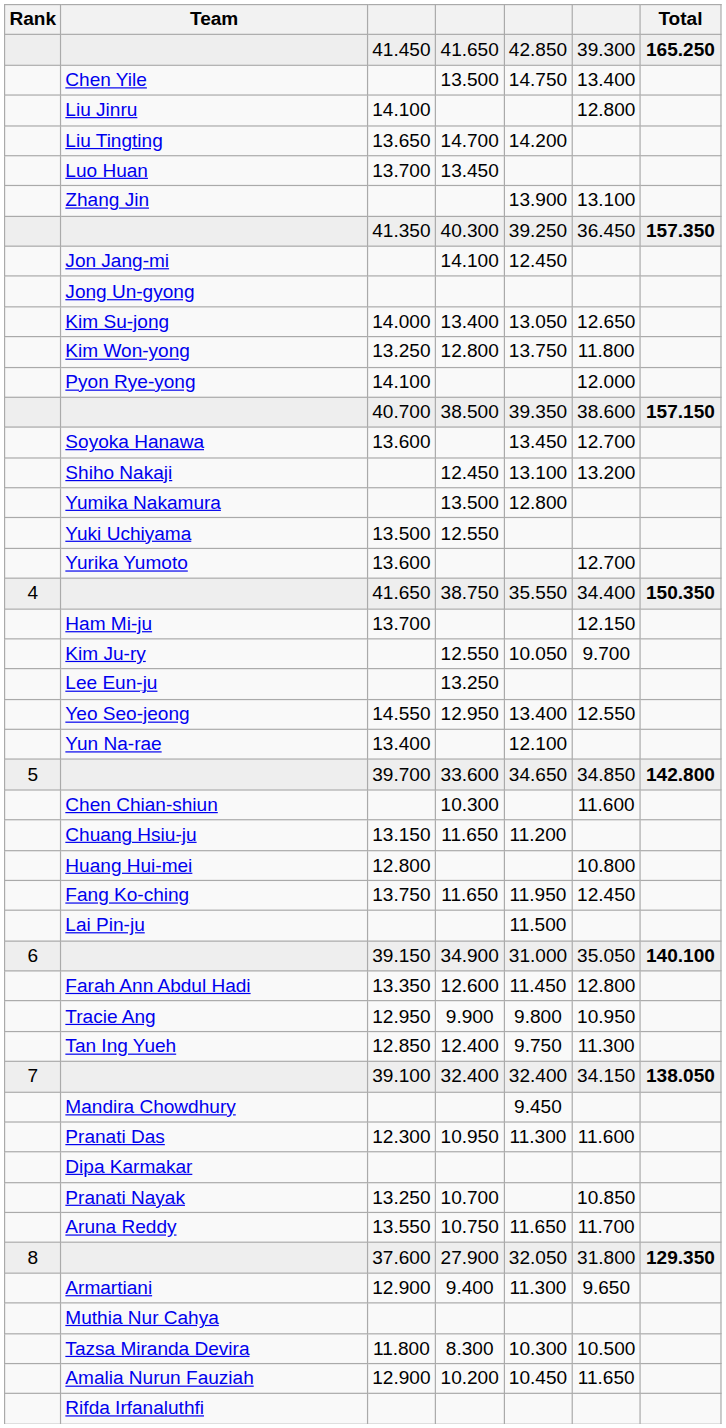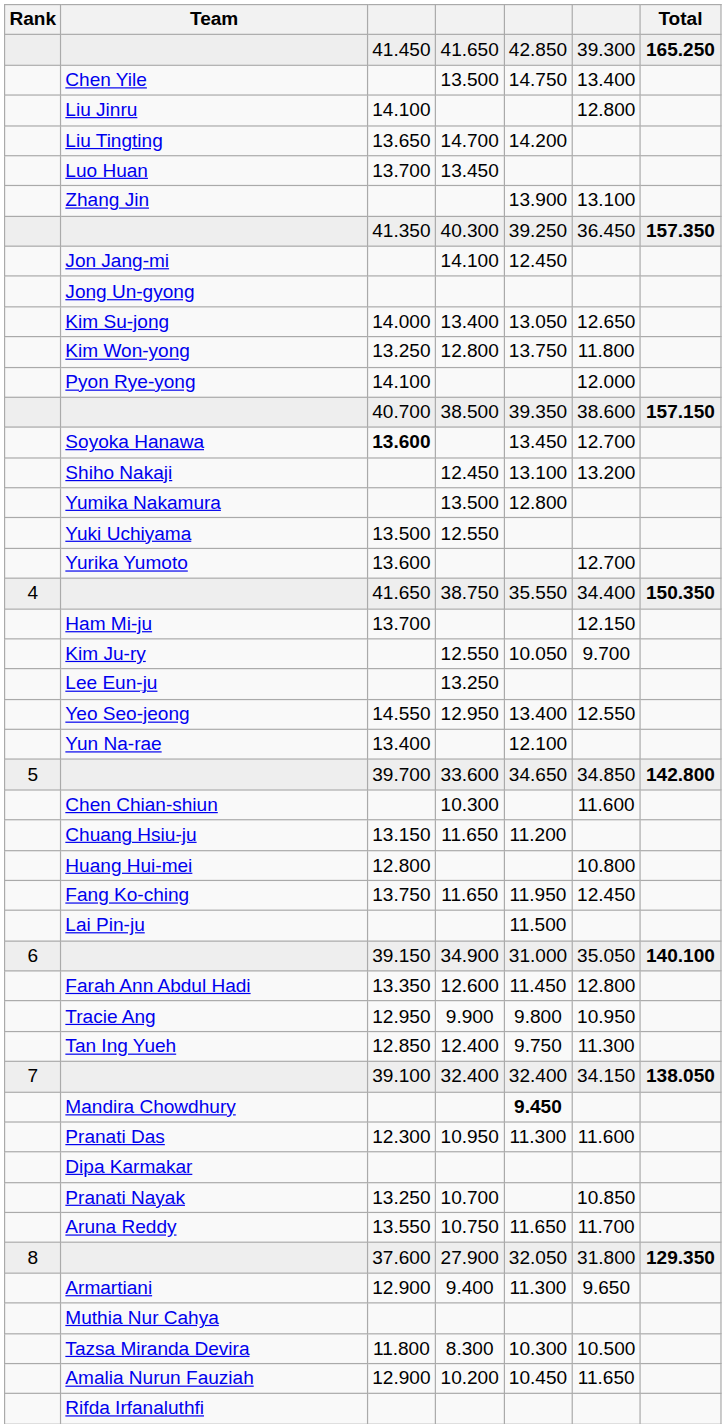 <table class=wikitable style="text-align:center">
 <tr>
 <th width=40>Rank</th>
 <th width=250>Team</th>
 <th width=50></th>
 <th width=50></th>
 <th width=50></th>
 <th width=50></th>
 <th width=60>Total</th>
 </tr>
 <tr bgcolor=eeeeee>
 <td></td>
 <td align=left></td>
 <td>41.450</td>
 <td>41.650</td>
 <td>42.850</td>
 <td>39.300</td>
 <td><strong>165.250</strong></td>
 </tr>
 <tr>
 <td></td>
 <td align=left><a href='#'>Chen Yile</a></td>
 <td></td>
 <td>13.500</td>
 <td>14.750</td>
 <td>13.400</td>
 <td></td>
 </tr>
 <tr>
 <td></td>
 <td align=left><a href='#'>Liu Jinru</a></td>
 <td>14.100</td>
 <td></td>
 <td></td>
 <td>12.800</td>
 <td></td>
 </tr>
 <tr>
 <td></td>
 <td align=left><a href='#'>Liu Tingting</a></td>
 <td>13.650</td>
 <td>14.700</td>
 <td>14.200</td>
 <td></td>
 <td></td>
 </tr>
 <tr>
 <td></td>
 <td align=left><a href='#'>Luo Huan</a></td>
 <td>13.700</td>
 <td>13.450</td>
 <td></td>
 <td></td>
 <td></td>
 </tr>
 <tr>
 <td></td>
 <td align=left><a href='#'>Zhang Jin</a></td>
 <td></td>
 <td></td>
 <td>13.900</td>
 <td>13.100</td>
 <td></td>
 </tr>
 <tr bgcolor=eeeeee>
 <td></td>
 <td align=left></td>
 <td>41.350</td>
 <td>40.300</td>
 <td>39.250</td>
 <td>36.450</td>
 <td><strong>157.350</strong></td>
 </tr>
 <tr>
 <td></td>
 <td align=left><a href='#'>Jon Jang-mi</a></td>
 <td></td>
 <td>14.100</td>
 <td>12.450</td>
 <td></td>
 <td></td>
 </tr>
 <tr>
 <td></td>
 <td align=left><a href='#'>Jong Un-gyong</a></td>
 <td></td>
 <td></td>
 <td></td>
 <td></td>
 <td></td>
 </tr>
 <tr>
 <td></td>
 <td align=left><a href='#'>Kim Su-jong</a></td>
 <td>14.000</td>
 <td>13.400</td>
 <td>13.050</td>
 <td>12.650</td>
 <td></td>
 </tr>
 <tr>
 <td></td>
 <td align=left><a href='#'>Kim Won-yong</a></td>
 <td>13.250</td>
 <td>12.800</td>
 <td>13.750</td>
 <td>11.800</td>
 <td></td>
 </tr>
 <tr>
 <td></td>
 <td align=left><a href='#'>Pyon Rye-yong</a></td>
 <td>14.100</td>
 <td></td>
 <td></td>
 <td>12.000</td>
 <td></td>
 </tr>
 <tr bgcolor=eeeeee>
 <td></td>
 <td align=left></td>
 <td>40.700</td>
 <td>38.500</td>
 <td>39.350</td>
 <td>38.600</td>
 <td><strong>157.150</strong></td>
 </tr>
 <tr>
 <td></td>
 <td align=left><a href='#'>Soyoka Hanawa</a></td>
-<td>13.600</td>
+<td><strong>13.600</strong></td>
 <td></td>
 <td>13.450</td>
 <td>12.700</td>
 <td></td>
 </tr>
 <tr>
 <td></td>
 <td align=left><a href='#'>Shiho Nakaji</a></td>
 <td></td>
 <td>12.450</td>
 <td>13.100</td>
 <td>13.200</td>
 <td></td>
 </tr>
 <tr>
 <td></td>
 <td align=left><a href='#'>Yumika Nakamura</a></td>
 <td></td>
 <td>13.500</td>
 <td>12.800</td>
 <td></td>
 <td></td>
 </tr>
 <tr>
 <td></td>
 <td align=left><a href='#'>Yuki Uchiyama</a></td>
 <td>13.500</td>
 <td>12.550</td>
 <td></td>
 <td></td>
 <td></td>
 </tr>
 <tr>
 <td></td>
 <td align=left><a href='#'>Yurika Yumoto</a></td>
 <td>13.600</td>
 <td></td>
 <td></td>
 <td>12.700</td>
 <td></td>
 </tr>
 <tr bgcolor=eeeeee>
 <td>4</td>
 <td align=left></td>
 <td>41.650</td>
 <td>38.750</td>
 <td>35.550</td>
 <td>34.400</td>
 <td><strong>150.350</strong></td>
 </tr>
 <tr>
 <td></td>
 <td align=left><a href='#'>Ham Mi-ju</a></td>
 <td>13.700</td>
 <td></td>
 <td></td>
 <td>12.150</td>
 <td></td>
 </tr>
 <tr>
 <td></td>
 <td align=left><a href='#'>Kim Ju-ry</a></td>
 <td></td>
 <td>12.550</td>
 <td>10.050</td>
 <td>9.700</td>
 <td></td>
 </tr>
 <tr>
 <td></td>
 <td align=left><a href='#'>Lee Eun-ju</a></td>
 <td></td>
 <td>13.250</td>
 <td></td>
 <td></td>
 <td></td>
 </tr>
 <tr>
 <td></td>
 <td align=left><a href='#'>Yeo Seo-jeong</a></td>
 <td>14.550</td>
 <td>12.950</td>
 <td>13.400</td>
 <td>12.550</td>
 <td></td>
 </tr>
 <tr>
 <td></td>
 <td align=left><a href='#'>Yun Na-rae</a></td>
 <td>13.400</td>
 <td></td>
 <td>12.100</td>
 <td></td>
 <td></td>
 </tr>
 <tr bgcolor=eeeeee>
 <td>5</td>
 <td align=left></td>
 <td>39.700</td>
 <td>33.600</td>
 <td>34.650</td>
 <td>34.850</td>
 <td><strong>142.800</strong></td>
 </tr>
 <tr>
 <td></td>
 <td align=left><a href='#'>Chen Chian-shiun</a></td>
 <td></td>
 <td>10.300</td>
 <td></td>
 <td>11.600</td>
 <td></td>
 </tr>
 <tr>
 <td></td>
 <td align=left><a href='#'>Chuang Hsiu-ju</a></td>
 <td>13.150</td>
 <td>11.650</td>
 <td>11.200</td>
 <td></td>
 <td></td>
 </tr>
 <tr>
 <td></td>
 <td align=left><a href='#'>Huang Hui-mei</a></td>
 <td>12.800</td>
 <td></td>
 <td></td>
 <td>10.800</td>
 <td></td>
 </tr>
 <tr>
 <td></td>
 <td align=left><a href='#'>Fang Ko-ching</a></td>
 <td>13.750</td>
 <td>11.650</td>
 <td>11.950</td>
 <td>12.450</td>
 <td></td>
 </tr>
 <tr>
 <td></td>
 <td align=left><a href='#'>Lai Pin-ju</a></td>
 <td></td>
 <td></td>
 <td>11.500</td>
 <td></td>
 <td></td>
 </tr>
 <tr bgcolor=eeeeee>
 <td>6</td>
 <td align=left></td>
 <td>39.150</td>
 <td>34.900</td>
 <td>31.000</td>
 <td>35.050</td>
 <td><strong>140.100</strong></td>
 </tr>
 <tr>
 <td></td>
 <td align=left><a href='#'>Farah Ann Abdul Hadi</a></td>
 <td>13.350</td>
 <td>12.600</td>
 <td>11.450</td>
 <td>12.800</td>
 <td></td>
 </tr>
 <tr>
 <td></td>
 <td align=left><a href='#'>Tracie Ang</a></td>
 <td>12.950</td>
 <td>9.900</td>
 <td>9.800</td>
 <td>10.950</td>
 <td></td>
 </tr>
 <tr>
 <td></td>
 <td align=left><a href='#'>Tan Ing Yueh</a></td>
 <td>12.850</td>
 <td>12.400</td>
 <td>9.750</td>
 <td>11.300</td>
 <td></td>
 </tr>
 <tr bgcolor=eeeeee>
 <td>7</td>
 <td align=left></td>
 <td>39.100</td>
 <td>32.400</td>
 <td>32.400</td>
 <td>34.150</td>
 <td><strong>138.050</strong></td>
 </tr>
 <tr>
 <td></td>
 <td align=left><a href='#'>Mandira Chowdhury</a></td>
 <td></td>
 <td></td>
-<td>9.450</td>
+<td><strong>9.450</strong></td>
 <td></td>
 <td></td>
 </tr>
 <tr>
 <td></td>
 <td align=left><a href='#'>Pranati Das</a></td>
 <td>12.300</td>
 <td>10.950</td>
 <td>11.300</td>
 <td>11.600</td>
 <td></td>
 </tr>
 <tr>
 <td></td>
 <td align=left><a href='#'>Dipa Karmakar</a></td>
 <td></td>
 <td></td>
 <td></td>
 <td></td>
 <td></td>
 </tr>
 <tr>
 <td></td>
 <td align=left><a href='#'>Pranati Nayak</a></td>
 <td>13.250</td>
 <td>10.700</td>
 <td></td>
 <td>10.850</td>
 <td></td>
 </tr>
 <tr>
 <td></td>
 <td align=left><a href='#'>Aruna Reddy</a></td>
 <td>13.550</td>
 <td>10.750</td>
 <td>11.650</td>
 <td>11.700</td>
 <td></td>
 </tr>
 <tr bgcolor=eeeeee>
 <td>8</td>
 <td align=left></td>
 <td>37.600</td>
 <td>27.900</td>
 <td>32.050</td>
 <td>31.800</td>
 <td><strong>129.350</strong></td>
 </tr>
 <tr>
 <td></td>
 <td align=left><a href='#'>Armartiani</a></td>
 <td>12.900</td>
 <td>9.400</td>
 <td>11.300</td>
 <td>9.650</td>
 <td></td>
 </tr>
 <tr>
 <td></td>
 <td align=left><a href='#'>Muthia Nur Cahya</a></td>
 <td></td>
 <td></td>
 <td></td>
 <td></td>
 <td></td>
 </tr>
 <tr>
 <td></td>
 <td align=left><a href='#'>Tazsa Miranda Devira</a></td>
 <td>11.800</td>
 <td>8.300</td>
 <td>10.300</td>
 <td>10.500</td>
 <td></td>
 </tr>
 <tr>
 <td></td>
 <td align=left><a href='#'>Amalia Nurun Fauziah</a></td>
 <td>12.900</td>
 <td>10.200</td>
 <td>10.450</td>
 <td>11.650</td>
 <td></td>
 </tr>
 <tr>
 <td></td>
 <td align=left><a href='#'>Rifda Irfanaluthfi</a></td>
 <td></td>
 <td></td>
 <td></td>
 <td></td>
 <td></td>
 </tr>
 </table>
